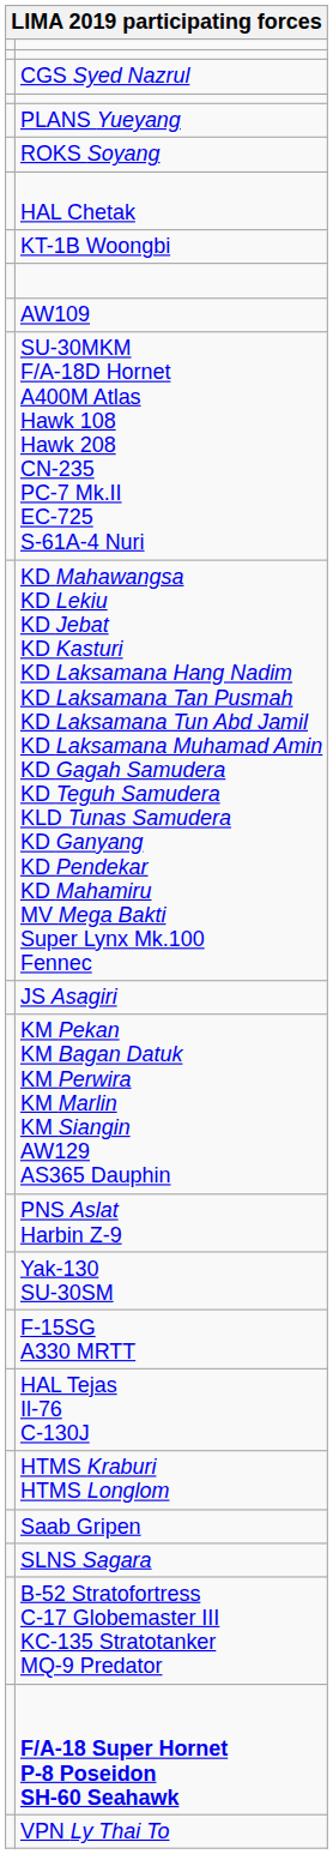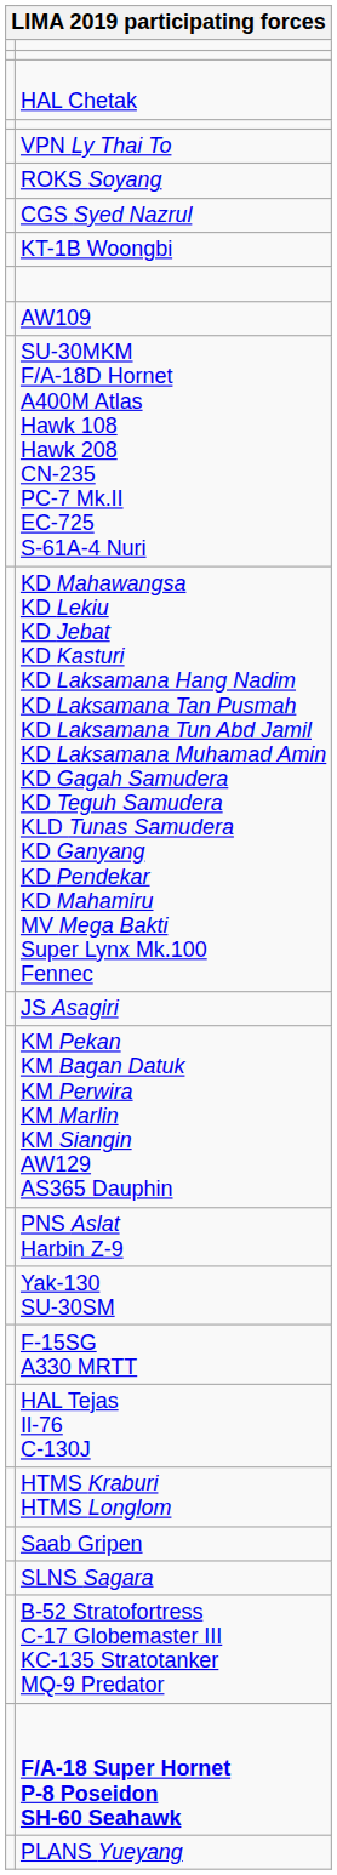 <table class="wikitable collapsible collapsed">
 <tr>
 <th colspan=2>LIMA 2019 participating forces</th>
 </tr>
 <tr>
 <td></td>
 <td></td>
 </tr>
 <tr>
 <td></td>
 <td></td>
 </tr>
 <tr>
 <td></td>
-<td><a href='#'>CGS <em>Syed Nazrul</em></a></td>
+<td><br><a href='#'>HAL Chetak</a></td>
 </tr>
 <tr>
 <td></td>
 <td></td>
 </tr>
 <tr>
 <td></td>
-<td><a href='#'>PLANS <em>Yueyang</em></a></td>
+<td><a href='#'>VPN <em>Ly Thai To</em></a></td>
 </tr>
 <tr>
 <td></td>
 <td><a href='#'>ROKS <em>Soyang</em></a></td>
 </tr>
 <tr>
 <td></td>
-<td><br><a href='#'>HAL Chetak</a></td>
+<td><a href='#'>CGS <em>Syed Nazrul</em></a></td>
 </tr>
 <tr>
 <td></td>
 <td><a href='#'>KT-1B Woongbi</a></td>
 </tr>
 <tr>
 <td></td>
 <td><br></td>
 </tr>
 <tr>
 <td></td>
 <td><a href='#'>AW109</a></td>
 </tr>
 <tr>
 <td></td>
 <td><a href='#'>SU-30MKM</a><br><a href='#'>F/A-18D Hornet</a><br><a href='#'>A400M Atlas</a><br><a href='#'>Hawk 108</a><br><a href='#'>Hawk 208</a><br><a href='#'>CN-235</a><br><a href='#'>PC-7 Mk.II</a><br><a href='#'>EC-725</a><br><a href='#'>S-61A-4 Nuri</a></td>
 </tr>
 <tr>
 <td></td>
 <td><a href='#'>KD <em>Mahawangsa</em></a><br><a href='#'>KD <em>Lekiu</em></a><br><a href='#'>KD <em>Jebat</em></a><br><a href='#'>KD <em>Kasturi</em></a><br><a href='#'>KD <em>Laksamana Hang Nadim</em></a><br><a href='#'>KD <em>Laksamana Tan Pusmah</em></a><br><a href='#'>KD <em>Laksamana Tun Abd Jamil</em></a><br><a href='#'>KD <em>Laksamana Muhamad Amin</em></a><br><a href='#'>KD <em>Gagah Samudera</em></a><br><a href='#'>KD <em>Teguh Samudera</em></a><br><a href='#'>KLD <em>Tunas Samudera</em></a><br><a href='#'>KD <em>Ganyang</em></a><br><a href='#'>KD <em>Pendekar</em></a><br><a href='#'>KD <em>Mahamiru</em></a><br><a href='#'>MV <em>Mega Bakti</em></a><br><a href='#'>Super Lynx Mk.100</a><br><a href='#'>Fennec</a></td>
 </tr>
 <tr>
 <td></td>
 <td><a href='#'>JS <em>Asagiri</em></a></td>
 </tr>
 <tr>
 <td></td>
 <td><a href='#'>KM <em>Pekan</em></a><br><a href='#'>KM <em>Bagan Datuk</em></a><br><a href='#'>KM <em>Perwira</em></a><br><a href='#'>KM <em>Marlin</em></a><br><a href='#'>KM <em>Siangin</em></a><br><a href='#'>AW129</a><br><a href='#'>AS365 Dauphin</a></td>
 </tr>
 <tr>
 <td></td>
 <td><a href='#'>PNS <em>Aslat</em></a><br><a href='#'>Harbin Z-9</a></td>
 </tr>
 <tr>
 <td></td>
 <td><a href='#'>Yak-130</a><br><a href='#'>SU-30SM</a></td>
 </tr>
 <tr>
 <td></td>
 <td><a href='#'>F-15SG</a><br><a href='#'>A330 MRTT</a></td>
 </tr>
 <tr>
 <td></td>
 <td><a href='#'>HAL Tejas</a><br><a href='#'>Il-76</a><br><a href='#'>C-130J</a></td>
 </tr>
 <tr>
 <td></td>
 <td><a href='#'>HTMS <em>Kraburi</em></a><br><a href='#'>HTMS <em>Longlom</em></a></td>
 </tr>
 <tr>
 <td></td>
 <td><a href='#'>Saab Gripen</a></td>
 </tr>
 <tr>
 <td></td>
 <td><a href='#'>SLNS <em>Sagara</em></a></td>
 </tr>
 <tr>
 <td></td>
 <td><a href='#'>B-52 Stratofortress</a><br><a href='#'>C-17 Globemaster III</a><br><a href='#'>KC-135 Stratotanker</a><br><a href='#'>MQ-9 Predator</a></td>
 </tr>
 <tr>
 <td></td>
 <td><strong><br><br><a href='#'>F/A-18 Super Hornet</a><br><a href='#'>P-8 Poseidon</a><br><a href='#'>SH-60 Seahawk</a></strong></td>
 </tr>
 <tr>
 <td></td>
-<td><a href='#'>VPN <em>Ly Thai To</em></a></td>
+<td><a href='#'>PLANS <em>Yueyang</em></a></td>
 </tr>
 </table>
